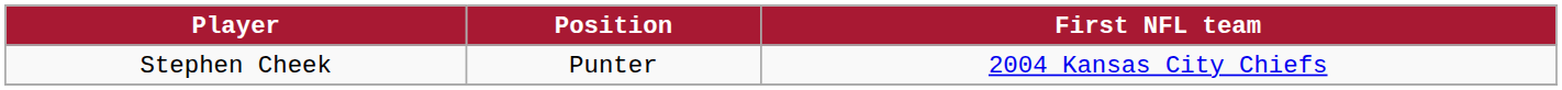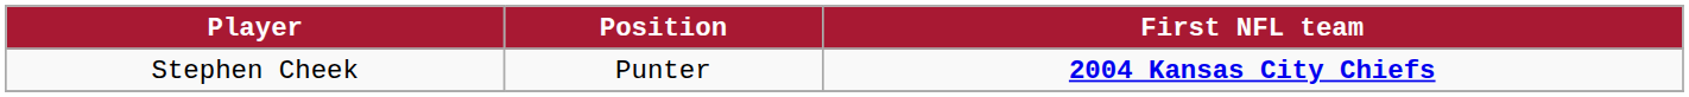 <table class="wikitable" width="65%">
 <tr align="center" style="background:#A81933;color:#FFFFFF;">
 <td><strong>Player</strong></td>
 <td><strong>Position</strong></td>
 <td><strong>First NFL team</strong></td>
 </tr>
 <tr align="center" bgcolor="">
 <td>Stephen Cheek</td>
 <td>Punter</td>
-<td><a href='#'>2004 Kansas City Chiefs</a></td>
+<td><strong><a href='#'>2004 Kansas City Chiefs</a></strong></td>
 </tr>
 <tr align="center" bgcolor="">
 </tr>
 </table>
